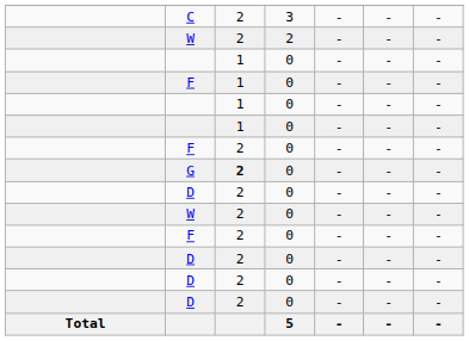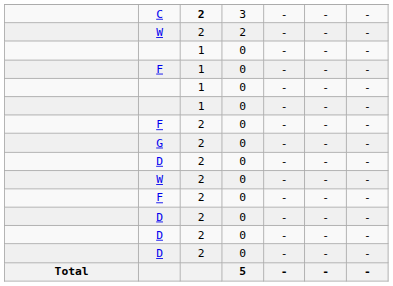 <table class="wikitable sortable" width ="50%">
 <tr align="center">
 </tr>
 <tr align="center" bgcolor="">
 <td></td>
 <td><a href='#'>C</a></td>
-<td>2</td>
+<td><strong>2</strong></td>
 <td>3</td>
 <td>-</td>
 <td>-</td>
 <td>-</td>
 </tr>
 <tr align="center" bgcolor="f0f0f0">
 <td></td>
 <td><a href='#'>W</a></td>
 <td>2</td>
 <td>2</td>
 <td>-</td>
 <td>-</td>
 <td>-</td>
 </tr>
 <tr align="center" bgcolor="">
 <td></td>
 <td></td>
 <td>1</td>
 <td>0</td>
 <td>-</td>
 <td>-</td>
 <td>-</td>
 </tr>
 <tr align="center" bgcolor="f0f0f0">
 <td></td>
 <td><a href='#'>F</a></td>
 <td>1</td>
 <td>0</td>
 <td>-</td>
 <td>-</td>
 <td>-</td>
 </tr>
 <tr align="center" bgcolor="">
 <td></td>
 <td></td>
 <td>1</td>
 <td>0</td>
 <td>-</td>
 <td>-</td>
 <td>-</td>
 </tr>
 <tr align="center" bgcolor="f0f0f0">
 <td></td>
 <td></td>
 <td>1</td>
 <td>0</td>
 <td>-</td>
 <td>-</td>
 <td>-</td>
 </tr>
 <tr align="center" bgcolor="">
 <td></td>
 <td><a href='#'>F</a></td>
 <td>2</td>
 <td>0</td>
 <td>-</td>
 <td>-</td>
 <td>-</td>
 </tr>
 <tr align="center" bgcolor="f0f0f0">
 <td></td>
 <td><a href='#'>G</a></td>
-<td><strong>2</strong></td>
+<td>2</td>
 <td>0</td>
 <td>-</td>
 <td>-</td>
 <td>-</td>
 </tr>
 <tr align="center" bgcolor="">
 <td></td>
 <td><a href='#'>D</a></td>
 <td>2</td>
 <td>0</td>
 <td>-</td>
 <td>-</td>
 <td>-</td>
 </tr>
 <tr align="center" bgcolor="f0f0f0">
 <td></td>
 <td><a href='#'>W</a></td>
 <td>2</td>
 <td>0</td>
 <td>-</td>
 <td>-</td>
 <td>-</td>
 </tr>
 <tr align="center" bgcolor="">
 <td></td>
 <td><a href='#'>F</a></td>
 <td>2</td>
 <td>0</td>
 <td>-</td>
 <td>-</td>
 <td>-</td>
 </tr>
 <tr align="center" bgcolor="f0f0f0">
 <td></td>
 <td><a href='#'>D</a></td>
 <td>2</td>
 <td>0</td>
 <td>-</td>
 <td>-</td>
 <td>-</td>
 </tr>
 <tr align="center" bgcolor="">
 <td></td>
 <td><a href='#'>D</a></td>
 <td>2</td>
 <td>0</td>
 <td>-</td>
 <td>-</td>
 <td>-</td>
 </tr>
 <tr align="center" bgcolor="f0f0f0">
 <td></td>
 <td><a href='#'>D</a></td>
 <td>2</td>
 <td>0</td>
 <td>-</td>
 <td>-</td>
 <td>-</td>
 </tr>
 <tr>
 <th>Total</th>
 <th></th>
 <th></th>
 <th>5</th>
 <th>-</th>
 <th>-</th>
 <th>-</th>
 </tr>
 </table>
